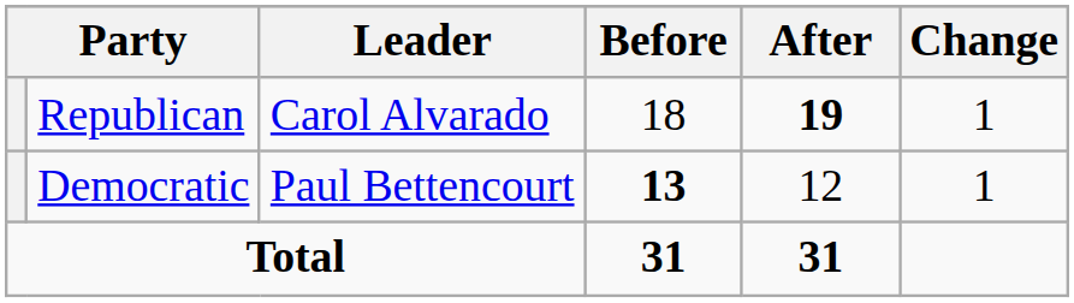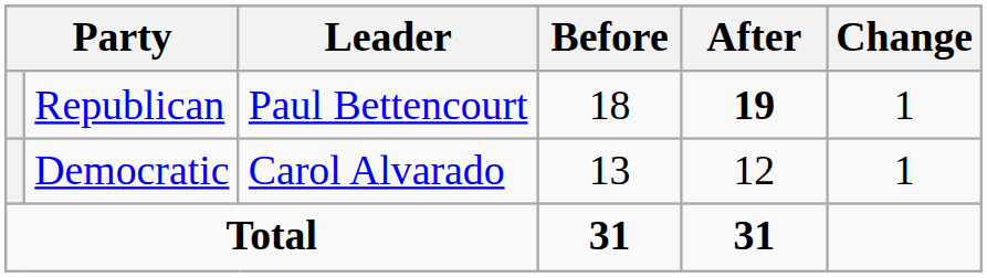 <table class="wikitable" style="text-align:center;">
 <tr>
 </tr>
 <tr>
 <th colspan=2>Party</th>
 <th>Leader</th>
 <th style="width:3em">Before</th>
 <th style="width:3em">After</th>
 <th style="width:3em">Change</th>
 </tr>
 <tr>
 <th style="background-color:"></th>
 <td style="text-align:left;"><a href='#'>Republican</a></td>
-<td style="text-align:left;"><a href='#'>Carol Alvarado</a></td>
+<td style="text-align:left;"><a href='#'>Paul Bettencourt</a></td>
 <td>18</td>
 <td><strong>19</strong></td>
 <td>1</td>
 </tr>
 <tr>
 <th style="background-color:"></th>
 <td style="text-align:left;"><a href='#'>Democratic</a></td>
-<td style="text-align:left;"><a href='#'>Paul Bettencourt</a></td>
-<td><strong>13</strong></td>
+<td style="text-align:left;"><a href='#'>Carol Alvarado</a></td>
+<td>13</td>
 <td>12</td>
 <td>1</td>
 </tr>
 <tr>
 <td colspan=3><strong>Total</strong></td>
 <td><strong>31</strong></td>
 <td><strong>31</strong></td>
 <td></td>
 </tr>
 </table>
